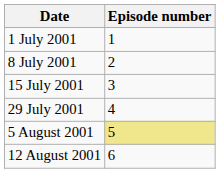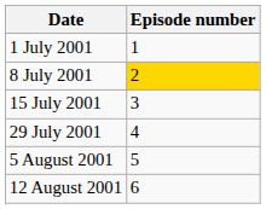 <table class="wikitable">
 <tr>
 <th>Date</th>
 <th>Episode number</th>
 </tr>
 <tr>
 <td>1 July 2001</td>
 <td>1</td>
 </tr>
 <tr>
 <td>8 July 2001</td>
-<td>2</td>
+<td style="background: gold;">2</td>
 </tr>
 <tr>
 <td>15 July 2001</td>
 <td>3</td>
 </tr>
 <tr>
 <td>29 July 2001</td>
 <td>4</td>
 </tr>
 <tr>
 <td>5 August 2001</td>
-<td style="background: khaki;">5</td>
+<td>5</td>
 </tr>
 <tr>
 <td>12 August 2001</td>
 <td>6</td>
 </tr>
 </table>
